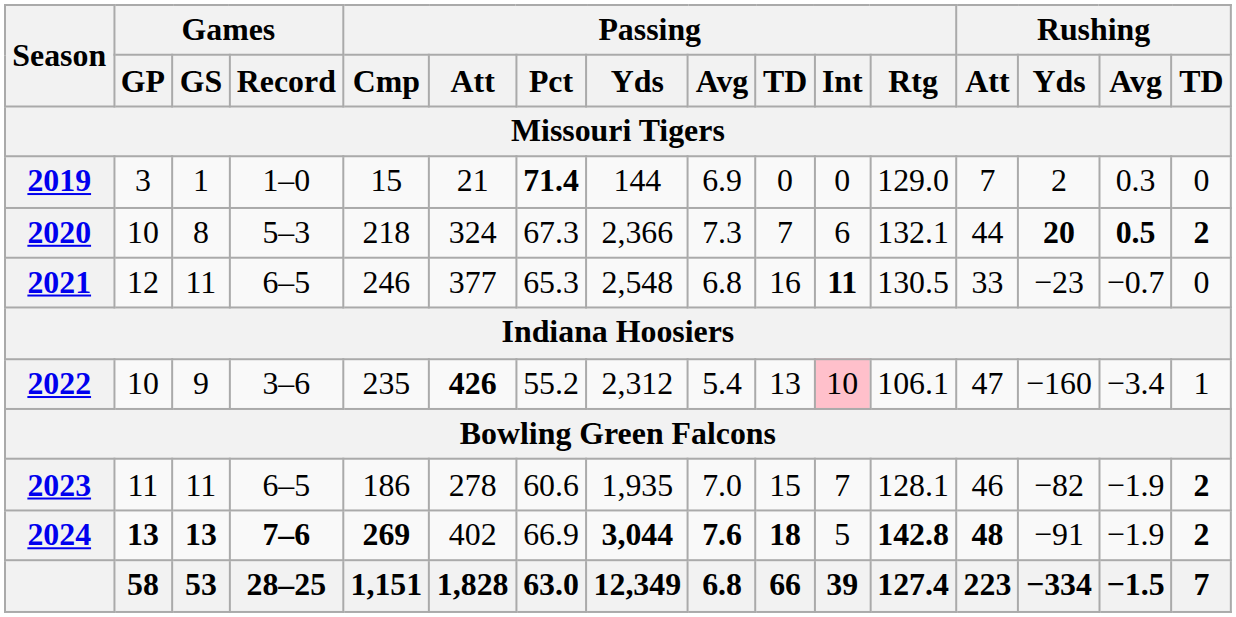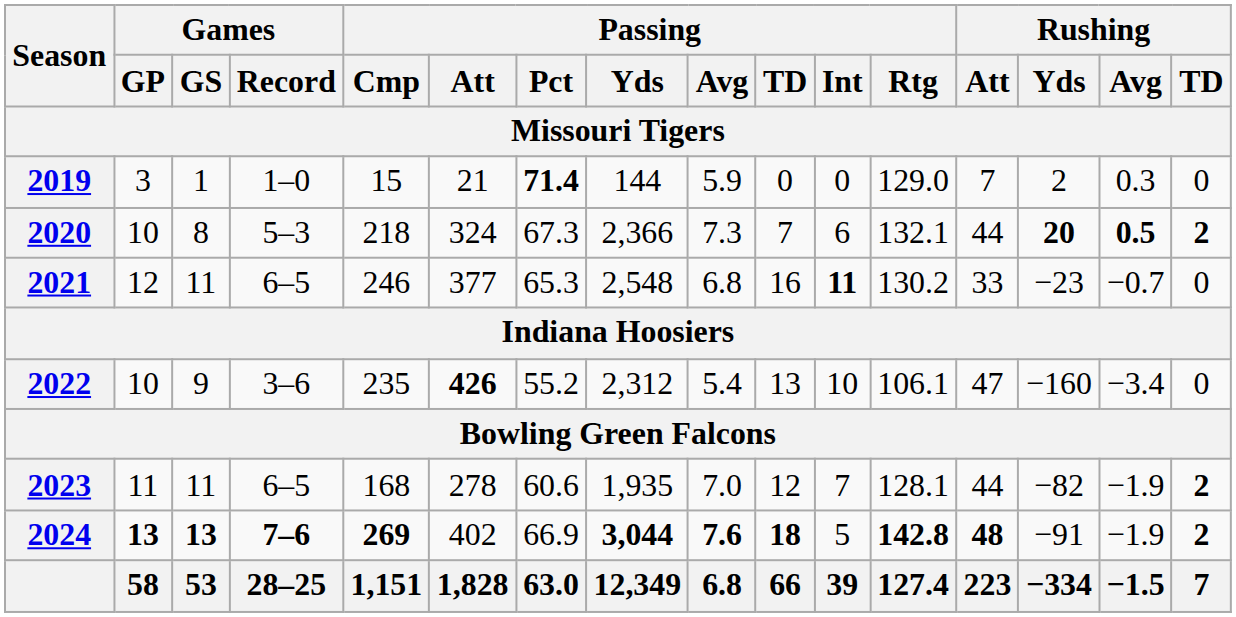 <table class="wikitable" style="text-align:center;">
 <tr>
 <th rowspan="2">Season</th>
 <th colspan="3">Games</th>
 <th colspan="8">Passing</th>
 <th colspan="4">Rushing</th>
 </tr>
 <tr>
 <th>GP</th>
 <th>GS</th>
 <th>Record</th>
 <th>Cmp</th>
 <th>Att</th>
 <th>Pct</th>
 <th>Yds</th>
 <th>Avg</th>
 <th>TD</th>
 <th>Int</th>
 <th>Rtg</th>
 <th>Att</th>
 <th>Yds</th>
 <th>Avg</th>
 <th>TD</th>
 </tr>
 <tr>
 <th colspan="16">Missouri Tigers</th>
 </tr>
 <tr>
 <th><a href='#'>2019</a></th>
 <td>3</td>
 <td>1</td>
 <td>1–0</td>
 <td>15</td>
 <td>21</td>
 <td><strong>71.4</strong></td>
 <td>144</td>
-<td>6.9</td>
+<td>5.9</td>
 <td>0</td>
 <td>0</td>
 <td>129.0</td>
 <td>7</td>
 <td>2</td>
 <td>0.3</td>
 <td>0</td>
 </tr>
 <tr>
 <th><a href='#'>2020</a></th>
 <td>10</td>
 <td>8</td>
 <td>5–3</td>
 <td>218</td>
 <td>324</td>
 <td>67.3</td>
 <td>2,366</td>
 <td>7.3</td>
 <td>7</td>
 <td>6</td>
 <td>132.1</td>
 <td>44</td>
 <td><strong>20</strong></td>
 <td><strong>0.5</strong></td>
 <td><strong>2</strong></td>
 </tr>
 <tr>
 <th><a href='#'>2021</a></th>
 <td>12</td>
 <td>11</td>
 <td>6–5</td>
 <td>246</td>
 <td>377</td>
 <td>65.3</td>
 <td>2,548</td>
 <td>6.8</td>
 <td>16</td>
 <td><strong>11</strong></td>
-<td>130.5</td>
+<td>130.2</td>
 <td>33</td>
 <td>−23</td>
 <td>−0.7</td>
 <td>0</td>
 </tr>
 <tr>
 <th colspan="16">Indiana Hoosiers</th>
 </tr>
 <tr>
 <th><a href='#'>2022</a></th>
 <td>10</td>
 <td>9</td>
 <td>3–6</td>
 <td>235</td>
 <td><strong>426</strong></td>
 <td>55.2</td>
 <td>2,312</td>
 <td>5.4</td>
 <td>13</td>
-<td style="background: pink;">10</td>
+<td>10</td>
 <td>106.1</td>
 <td>47</td>
 <td>−160</td>
 <td>−3.4</td>
-<td>1</td>
+<td>0</td>
 </tr>
 <tr>
 <th colspan="16">Bowling Green Falcons</th>
 </tr>
 <tr>
 <th><a href='#'>2023</a></th>
 <td>11</td>
 <td>11</td>
 <td>6–5</td>
-<td>186</td>
+<td>168</td>
 <td>278</td>
 <td>60.6</td>
 <td>1,935</td>
 <td>7.0</td>
-<td>15</td>
+<td>12</td>
 <td>7</td>
 <td>128.1</td>
-<td>46</td>
+<td>44</td>
 <td>−82</td>
 <td>−1.9</td>
 <td><strong>2</strong></td>
 </tr>
 <tr>
 <th><a href='#'>2024</a></th>
 <td><strong>13</strong></td>
 <td><strong>13</strong></td>
 <td><strong>7–6</strong></td>
 <td><strong>269</strong></td>
 <td>402</td>
 <td>66.9</td>
 <td><strong>3,044</strong></td>
 <td><strong>7.6</strong></td>
 <td><strong>18</strong></td>
 <td>5</td>
 <td><strong>142.8</strong></td>
 <td><strong>48</strong></td>
 <td>−91</td>
 <td>−1.9</td>
 <td><strong>2</strong></td>
 </tr>
 <tr>
 <th></th>
 <th>58</th>
 <th>53</th>
 <th>28–25</th>
 <th>1,151</th>
 <th>1,828</th>
 <th>63.0</th>
 <th>12,349</th>
 <th>6.8</th>
 <th>66</th>
 <th>39</th>
 <th>127.4</th>
 <th>223</th>
 <th>−334</th>
 <th>−1.5</th>
 <th>7</th>
 </tr>
 </table>
